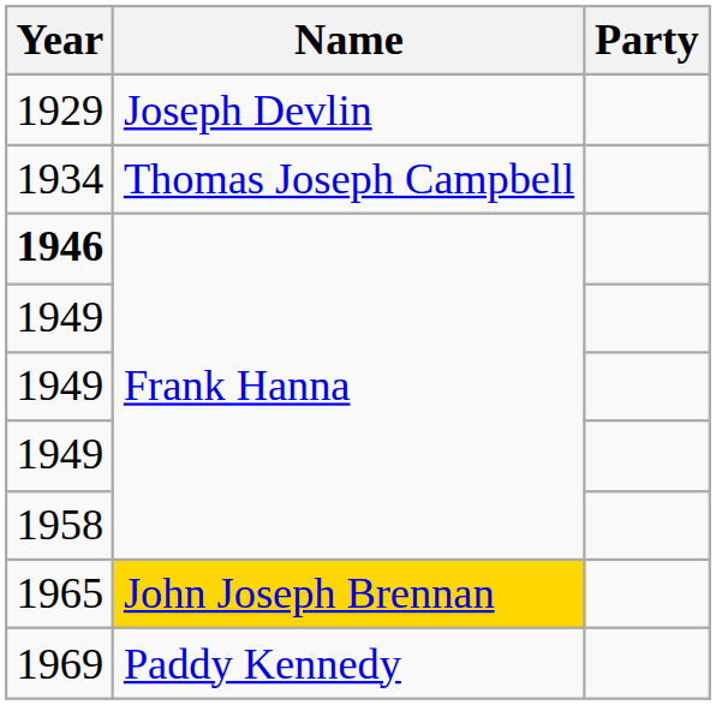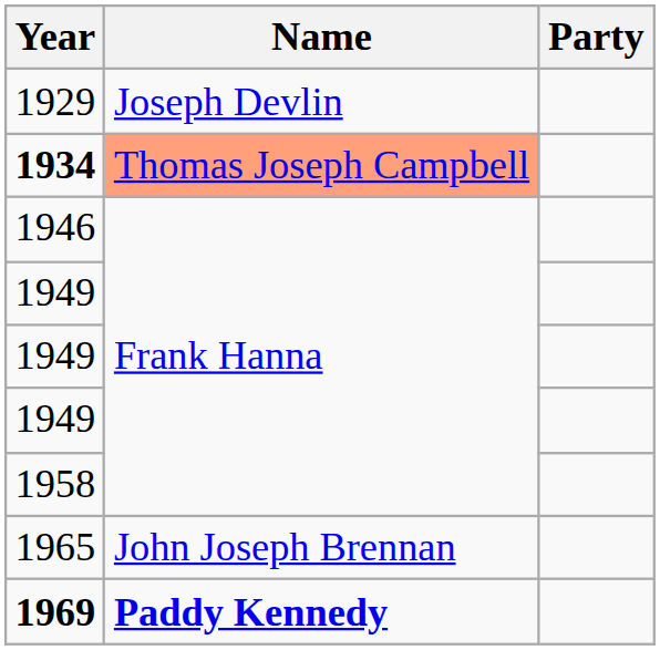 <table class="wikitable">
 <tr>
 <th>Year</th>
 <th>Name</th>
 <th colspan=2>Party</th>
 </tr>
 <tr>
 <td>1929</td>
 <td><a href='#'>Joseph Devlin</a></td>
 <td></td>
 </tr>
 <tr>
-<td>1934</td>
-<td><a href='#'>Thomas Joseph Campbell</a></td>
+<td><strong>1934</strong></td>
+<td style="background: lightsalmon;"><a href='#'>Thomas Joseph Campbell</a></td>
 <td></td>
 </tr>
 <tr>
-<td><strong>1946</strong></td>
+<td>1946</td>
 <td rowspan=5><a href='#'>Frank Hanna</a></td>
 <td></td>
 </tr>
 <tr>
 <td>1949</td>
 <td></td>
 </tr>
 <tr>
 <td>1949</td>
 <td></td>
 </tr>
 <tr>
 <td>1949</td>
 <td></td>
 </tr>
 <tr>
 <td>1958</td>
 <td></td>
 </tr>
 <tr>
 <td>1965</td>
-<td style="background: gold;"><a href='#'>John Joseph Brennan</a></td>
+<td><a href='#'>John Joseph Brennan</a></td>
 <td></td>
 </tr>
 <tr>
-<td>1969</td>
-<td><a href='#'>Paddy Kennedy</a></td>
+<td><strong>1969</strong></td>
+<td><strong><a href='#'>Paddy Kennedy</a></strong></td>
 <td></td>
 </tr>
 </table>
